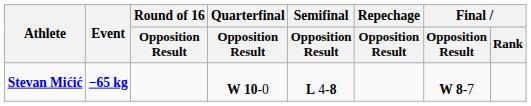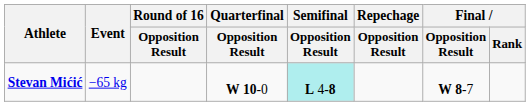 <table class="wikitable" style="font-size:90%">
 <tr>
 <th rowspan="2">Athlete</th>
 <th rowspan="2">Event</th>
 <th>Round of 16</th>
 <th>Quarterfinal</th>
 <th>Semifinal</th>
 <th>Repechage</th>
 <th colspan=2>Final / </th>
 </tr>
 <tr style="font-size: 95%">
 <th>Opposition<br>Result</th>
 <th>Opposition<br>Result</th>
 <th>Opposition<br>Result</th>
 <th>Opposition<br>Result</th>
 <th>Opposition<br>Result</th>
 <th>Rank</th>
 </tr>
 <tr align=center>
 <td align=left><strong><a href='#'>Stevan Mićić</a></strong></td>
-<td align=left><strong><a href='#'>−65 kg</a></strong></td>
+<td align=left><a href='#'>−65 kg</a></td>
 <td></td>
 <td><br><strong>W</strong> <strong>10</strong>-0</td>
-<td><br><strong>L</strong> 4-<strong>8</strong></td>
+<td style="background: paleturquoise;"><br><strong>L</strong> 4-<strong>8</strong></td>
 <td></td>
 <td><br><strong>W</strong> <strong>8</strong>-7</td>
 <td></td>
 </tr>
 </table>
